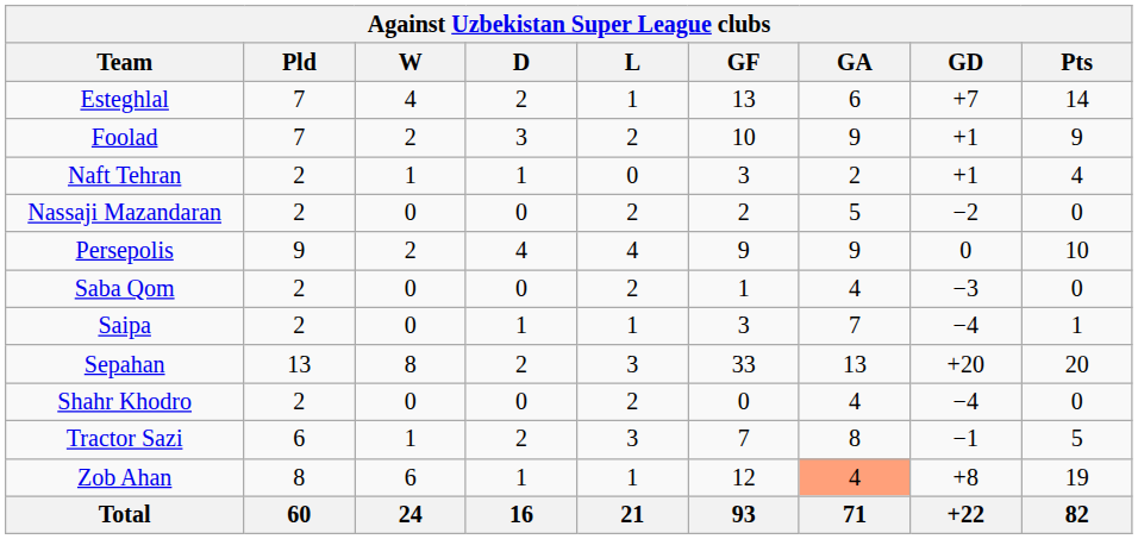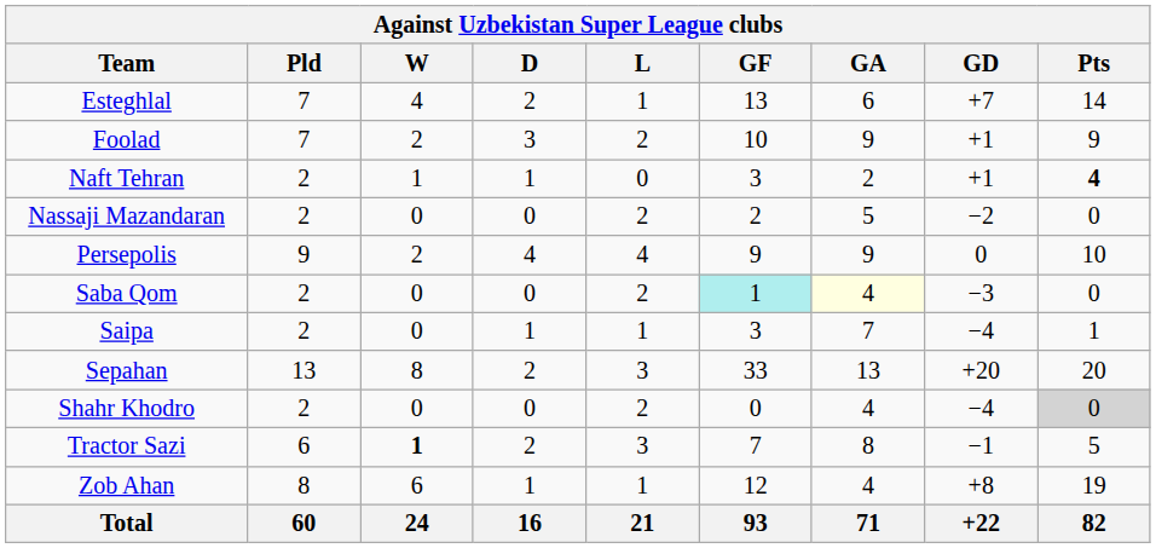 <table class="wikitable" width="60%" style="text-align:center">
 <tr>
 <th colspan="9">Against <a href='#'>Uzbekistan Super League</a> clubs</th>
 </tr>
 <tr>
 <th width="10%">Team</th>
 <th width="5%">Pld</th>
 <th width="5%">W</th>
 <th width="5%">D</th>
 <th width="5%">L</th>
 <th width="5%">GF</th>
 <th width="5%">GA</th>
 <th width="5%">GD</th>
 <th width="5%">Pts</th>
 </tr>
 <tr>
 <td><a href='#'>Esteghlal</a></td>
 <td>7</td>
 <td>4</td>
 <td>2</td>
 <td>1</td>
 <td>13</td>
 <td>6</td>
 <td>+7</td>
 <td>14</td>
 </tr>
 <tr>
 <td><a href='#'>Foolad</a></td>
 <td>7</td>
 <td>2</td>
 <td>3</td>
 <td>2</td>
 <td>10</td>
 <td>9</td>
 <td>+1</td>
 <td>9</td>
 </tr>
 <tr>
 <td><a href='#'>Naft Tehran</a></td>
 <td>2</td>
 <td>1</td>
 <td>1</td>
 <td>0</td>
 <td>3</td>
 <td>2</td>
 <td>+1</td>
-<td>4</td>
+<td><strong>4</strong></td>
 </tr>
 <tr>
 <td><a href='#'>Nassaji Mazandaran</a></td>
 <td>2</td>
 <td>0</td>
 <td>0</td>
 <td>2</td>
 <td>2</td>
 <td>5</td>
 <td>−2</td>
 <td>0</td>
 </tr>
 <tr>
 <td><a href='#'>Persepolis</a></td>
 <td>9</td>
 <td>2</td>
 <td>4</td>
 <td>4</td>
 <td>9</td>
 <td>9</td>
 <td>0</td>
 <td>10</td>
 </tr>
 <tr>
 <td><a href='#'>Saba Qom</a></td>
 <td>2</td>
 <td>0</td>
 <td>0</td>
 <td>2</td>
-<td>1</td>
-<td>4</td>
+<td style="background: paleturquoise;">1</td>
+<td style="background: lightyellow;">4</td>
 <td>−3</td>
 <td>0</td>
 </tr>
 <tr>
 <td><a href='#'>Saipa</a></td>
 <td>2</td>
 <td>0</td>
 <td>1</td>
 <td>1</td>
 <td>3</td>
 <td>7</td>
 <td>−4</td>
 <td>1</td>
 </tr>
 <tr>
 <td><a href='#'>Sepahan</a></td>
 <td>13</td>
 <td>8</td>
 <td>2</td>
 <td>3</td>
 <td>33</td>
 <td>13</td>
 <td>+20</td>
 <td>20</td>
 </tr>
 <tr>
 <td><a href='#'>Shahr Khodro</a></td>
 <td>2</td>
 <td>0</td>
 <td>0</td>
 <td>2</td>
 <td>0</td>
 <td>4</td>
 <td>−4</td>
-<td>0</td>
+<td style="background: lightgrey;">0</td>
 </tr>
 <tr>
 <td><a href='#'>Tractor Sazi</a></td>
 <td>6</td>
-<td>1</td>
+<td><strong>1</strong></td>
 <td>2</td>
 <td>3</td>
 <td>7</td>
 <td>8</td>
 <td>−1</td>
 <td>5</td>
 </tr>
 <tr>
 <td><a href='#'>Zob Ahan</a></td>
 <td>8</td>
 <td>6</td>
 <td>1</td>
 <td>1</td>
 <td>12</td>
-<td style="background: lightsalmon;">4</td>
+<td>4</td>
 <td>+8</td>
 <td>19</td>
 </tr>
 <tr>
 <th>Total</th>
 <th>60</th>
 <th>24</th>
 <th>16</th>
 <th>21</th>
 <th>93</th>
 <th>71</th>
 <th>+22</th>
 <th>82</th>
 </tr>
 </table>
